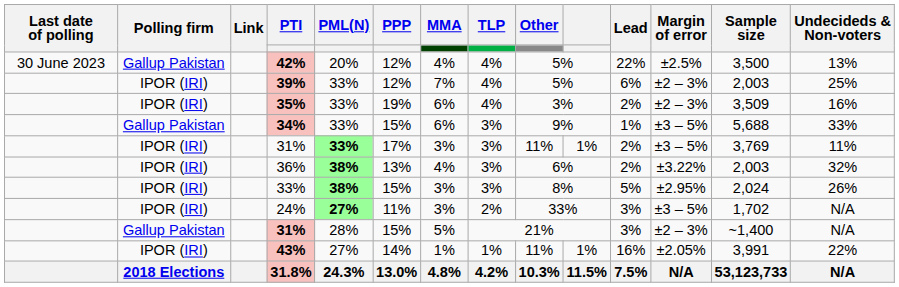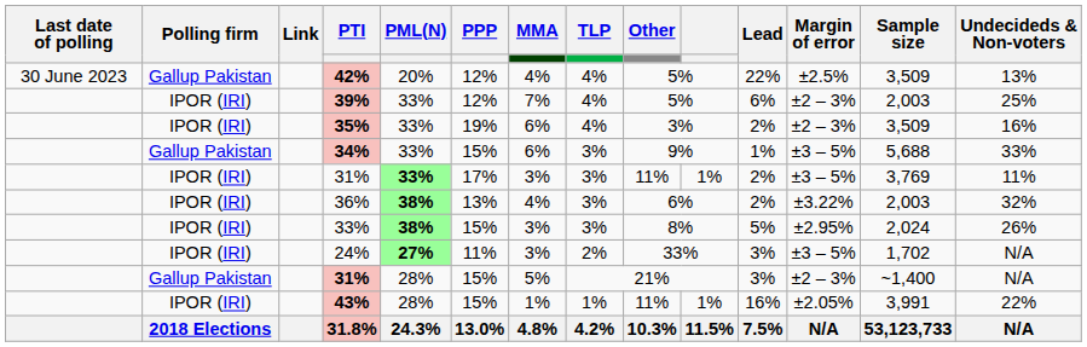 <table class="wikitable sortable" style="text-align:center;font-size:90%;line-height:14px">
 <tr style="height:40px;">
 <th rowspan="2" style="width:105px;">Last date<br>of polling</th>
 <th rowspan="2" style="width:105px;">Polling firm</th>
 <th rowspan="2">Link</th>
 <th class="unsortable" style="width:40px;"><a href='#'>PTI</a></th>
 <th class="unsortable" style="width:40px;"><a href='#'>PML(N)</a></th>
 <th class="unsortable" style="width:40px;"><a href='#'>PPP</a></th>
 <th class="unsortable" style="width:40px;"><a href='#'>MMA</a></th>
 <th class="unsortable" style="width:40px;"><a href='#'>TLP</a></th>
 <th class="unsortable" style="width:40px;"><a href='#'>Other</a></th>
 <th class="unsortable" style="width:40px;"></th>
 <th rowspan="2">Lead</th>
 <th rowspan="2">Margin<br>of error</th>
 <th rowspan="2">Sample<br>size</th>
 <th rowspan="2">Undecideds &<br>Non-voters</th>
 </tr>
 <tr>
 <th style="background:"></th>
 <th style="background:"></th>
 <th style="background:"></th>
 <th style="background:#004000;" data-sort-type="number"></th>
 <th style="background:#01B045;" data-sort-type="number"></th>
 <th style="background:#888888;" data-sort-type="number"></th>
 <th style="background:"></th>
 </tr>
 <tr>
 <td>30 June 2023</td>
 <td><a href='#'>Gallup Pakistan</a></td>
 <td></td>
 <td style="background:rgb(248, 193, 190)"><strong>42%</strong></td>
 <td>20%</td>
 <td>12%</td>
 <td>4%</td>
 <td>4%</td>
 <td colspan="2">5%</td>
 <td style="background:"><span>22%</span></td>
 <td>±2.5%</td>
-<td>3,500</td>
+<td>3,509</td>
 <td>13%</td>
 </tr>
 <tr>
 <td></td>
 <td>IPOR (<a href='#'>IRI</a>)</td>
 <td></td>
 <td style="background:rgb(248, 193, 190)"><strong>39%</strong></td>
 <td>33%</td>
 <td>12%</td>
 <td>7%</td>
 <td>4%</td>
 <td colspan = "2">5%</td>
 <td style="background:"><span>6%</span></td>
 <td>±2 – 3%</td>
 <td>2,003</td>
 <td>25%</td>
 </tr>
 <tr>
 <td></td>
 <td>IPOR (<a href='#'>IRI</a>)</td>
 <td></td>
 <td style="background:rgb(248, 193, 190)"><strong>35%</strong></td>
 <td>33%</td>
 <td>19%</td>
 <td>6%</td>
 <td>4%</td>
 <td colspan = "2">3%</td>
 <td style="background:"><span>2%</span></td>
 <td>±2 – 3%</td>
 <td>3,509</td>
 <td>16%</td>
 </tr>
 <tr>
 <td></td>
 <td><a href='#'>Gallup Pakistan</a></td>
 <td></td>
 <td style="background:rgb(248, 193, 190)"><strong>34%</strong></td>
 <td>33%</td>
 <td>15%</td>
 <td>6%</td>
 <td>3%</td>
 <td colspan = "2">9%</td>
 <td style="background:"><span>1%</span></td>
 <td>±3 – 5%</td>
 <td>5,688</td>
 <td>33%</td>
 </tr>
 <tr>
 <td></td>
 <td>IPOR (<a href='#'>IRI</a>)</td>
 <td></td>
 <td>31%</td>
 <td style="background:rgb(153, 255, 153)"><strong>33%</strong></td>
 <td>17%</td>
 <td>3%</td>
 <td>3%</td>
 <td>11%</td>
 <td>1%</td>
 <td style="background:"><span>2%</span></td>
 <td>±3 – 5%</td>
 <td>3,769</td>
 <td>11%</td>
 </tr>
 <tr>
 <td></td>
 <td>IPOR (<a href='#'>IRI</a>)</td>
 <td></td>
 <td>36%</td>
 <td style="background:rgb(153, 255, 153)"><strong>38%</strong></td>
 <td>13%</td>
 <td>4%</td>
 <td>3%</td>
 <td colspan = "2">6%</td>
 <td style="background:"><span>2%</span></td>
 <td>±3.22%</td>
 <td>2,003</td>
 <td>32%</td>
 </tr>
 <tr>
 <td></td>
 <td>IPOR (<a href='#'>IRI</a>)</td>
 <td></td>
 <td>33%</td>
 <td style="background:rgb(153, 255, 153)"><strong>38%</strong></td>
 <td>15%</td>
 <td>3%</td>
 <td>3%</td>
 <td colspan = "2">8%</td>
 <td style="background:"><span>5%</span></td>
 <td>±2.95%</td>
 <td>2,024</td>
 <td>26%</td>
 </tr>
 <tr>
 <td></td>
 <td>IPOR (<a href='#'>IRI</a>)</td>
 <td></td>
 <td>24%</td>
 <td style="background:rgb(153, 255, 153)"><strong>27%</strong></td>
 <td>11%</td>
 <td>3%</td>
 <td>2%</td>
 <td colspan = "2">33%</td>
 <td style="background:"><span>3%</span></td>
 <td>±3 – 5%</td>
 <td>1,702</td>
 <td>N/A</td>
 </tr>
 <tr>
 <td></td>
 <td><a href='#'>Gallup Pakistan</a></td>
 <td></td>
 <td style="background:rgb(248, 193, 190)"><strong>31%</strong></td>
 <td>28%</td>
 <td>15%</td>
 <td>5%</td>
 <td colspan = "3">21%</td>
 <td style="background:"><span>3%</span></td>
 <td>±2 – 3%</td>
 <td>~1,400</td>
 <td>N/A</td>
 </tr>
 <tr>
 <td></td>
 <td>IPOR (<a href='#'>IRI</a>)</td>
 <td></td>
 <td style="background:rgb(248, 193, 190)"><strong>43%</strong></td>
-<td>27%</td>
-<td>14%</td>
+<td>28%</td>
+<td>15%</td>
 <td>1%</td>
 <td>1%</td>
 <td>11%</td>
 <td>1%</td>
 <td style="background:"><span>16%</span></td>
 <td>±2.05%</td>
 <td>3,991</td>
 <td>22%</td>
 </tr>
 <tr>
 <th></th>
 <th><a href='#'>2018 Elections</a></th>
 <th></th>
 <th style="background:rgb(248, 193, 190)"><strong>31.8%</strong></th>
 <th>24.3%</th>
 <th>13.0%</th>
 <th>4.8%</th>
 <th>4.2%</th>
 <th>10.3%</th>
 <th>11.5%</th>
 <th style="background:"><span>7.5%</span></th>
 <th>N/A</th>
 <th>53,123,733</th>
 <th>N/A</th>
 </tr>
 </table>
